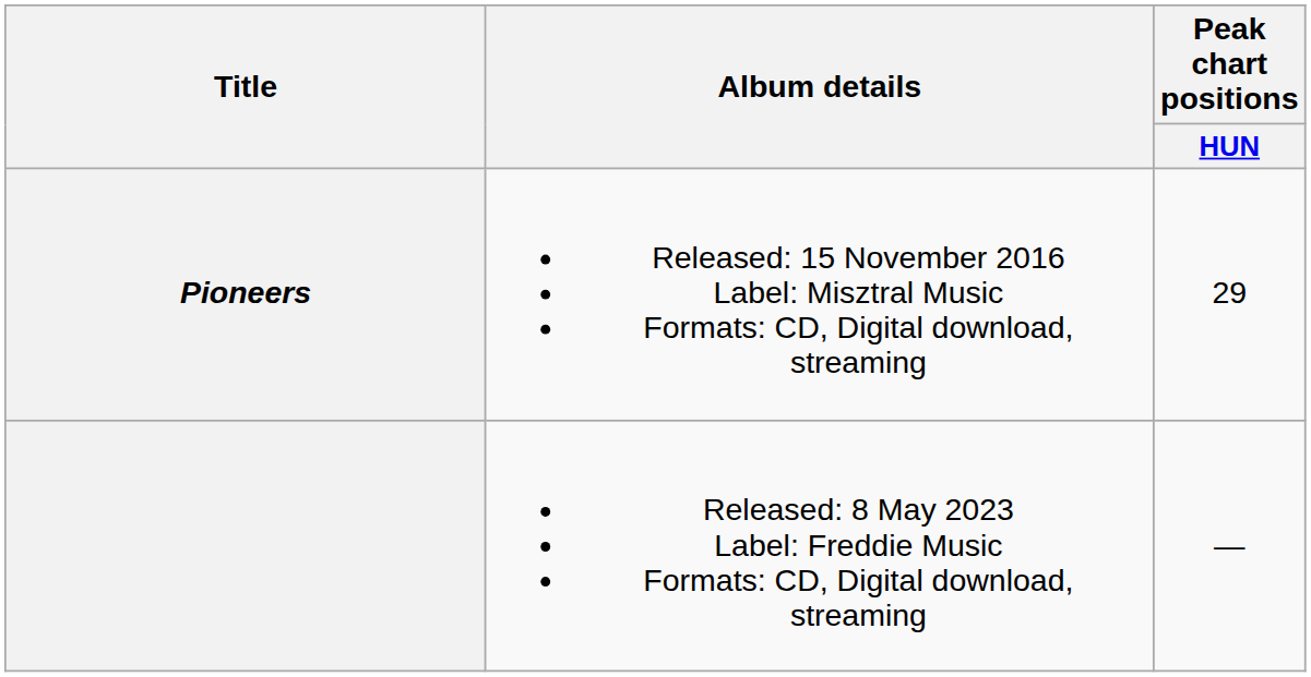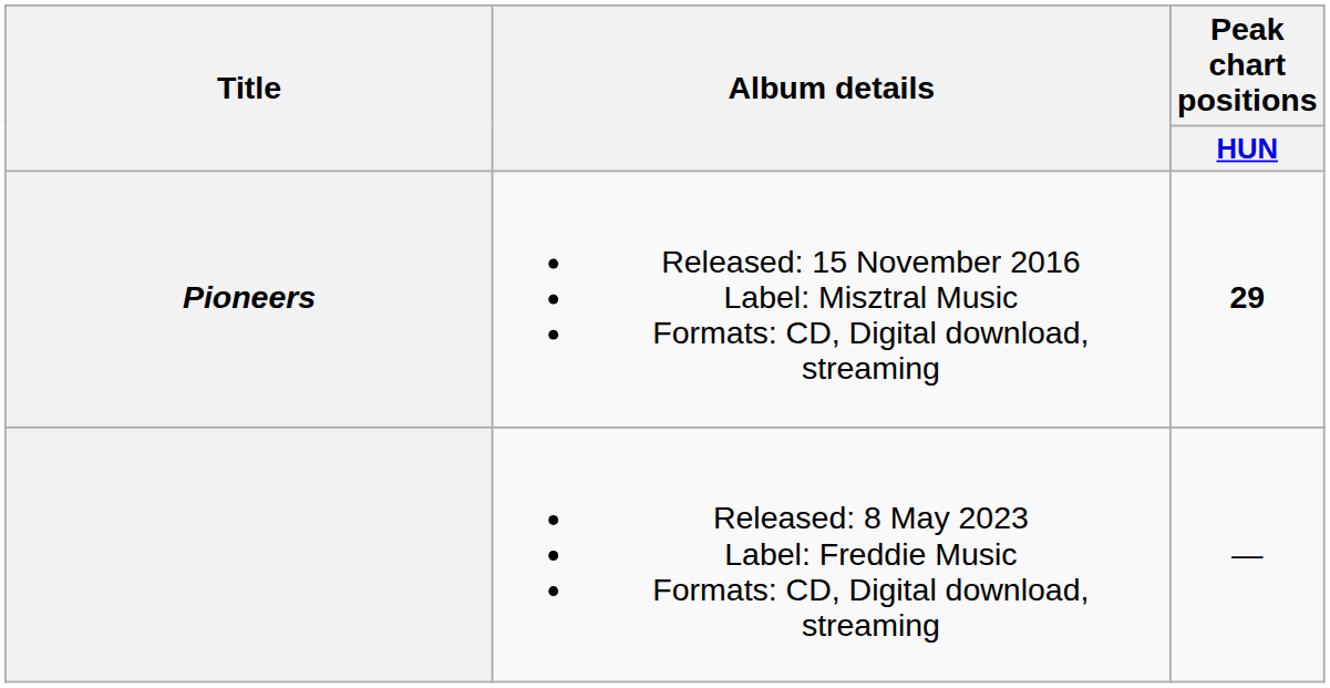 <table class="wikitable plainrowheaders" style="text-align:center;">
 <tr>
 <th scope="col" rowspan="2" style="width:15em;">Title</th>
 <th scope="col" rowspan="2" style="width:21em;">Album details</th>
 <th scope="col" colspan="2">Peak chart positions</th>
 </tr>
 <tr>
 <th scope="col" style="width:3em;font-size:90%;"><a href='#'>HUN</a><br></th>
 </tr>
 <tr>
 <th scope="row"><em>Pioneers</em></th>
 <td><br><ul><li>Released: 15 November 2016</li><li>Label: Misztral Music</li><li>Formats: CD, Digital download, streaming</li></ul></td>
-<td>29</td>
+<td><strong>29</strong></td>
 </tr>
 <tr>
 <th scope="row"><em></em></th>
 <td><br><ul><li>Released: 8 May 2023</li><li>Label: Freddie Music</li><li>Formats: CD, Digital download, streaming</li></ul></td>
 <td>—</td>
 </tr>
 </table>
